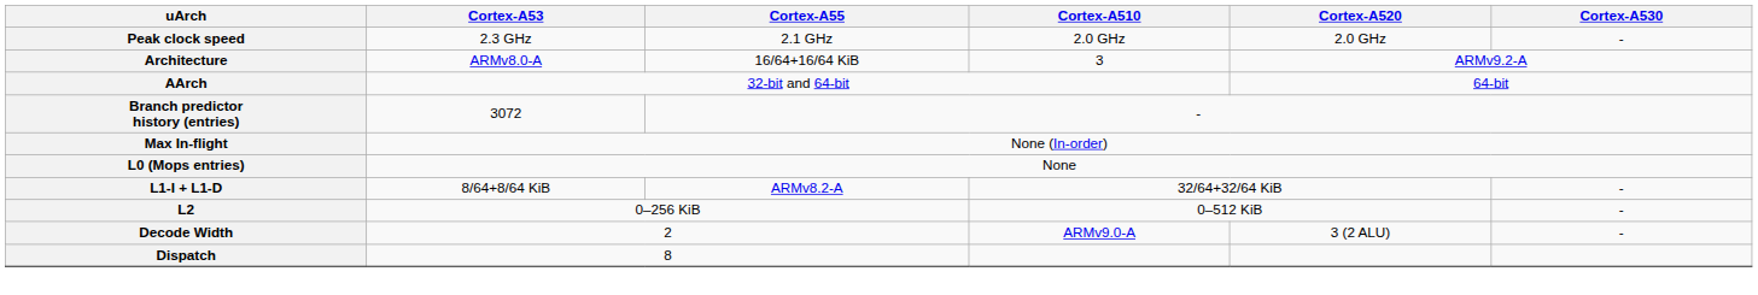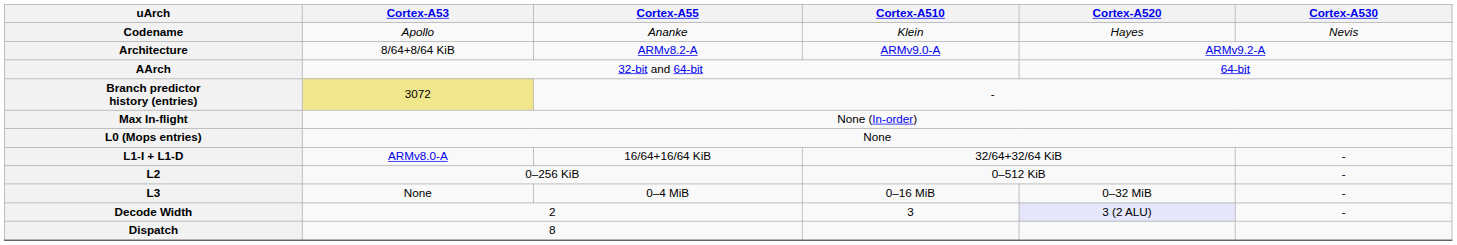 <table class="wikitable sortable" cellpadding="3px" style="border: 1px solid black; border-spacing: 0px; width: 100%; text-align:center;">
 <tr>
 <th>uArch</th>
 <th><a href='#'>Cortex-A53</a></th>
 <th><a href='#'>Cortex-A55</a></th>
 <th><a href='#'>Cortex-A510</a></th>
 <th><a href='#'>Cortex-A520</a></th>
 <th><a href='#'>Cortex-A530</a></th>
 </tr>
 <tr>
-<th>Peak clock speed</th>
-<td>2.3 GHz</td>
-<td>2.1 GHz</td>
-<td>2.0 GHz</td>
-<td>2.0 GHz</td>
-<td>-</td>
+<th>Codename</th>
+<td><em>Apollo</em></td>
+<td><em>Ananke</em></td>
+<td><em>Klein</em></td>
+<td><em>Hayes</em></td>
+<td><em>Nevis</em></td>
 </tr>
 <tr>
 <th>Architecture</th>
-<td><a href='#'>ARMv8.0-A</a></td>
-<td>16/64+16/64 KiB</td>
-<td>3</td>
+<td>8/64+8/64 KiB</td>
+<td><a href='#'>ARMv8.2-A</a></td>
+<td><a href='#'>ARMv9.0-A</a></td>
 <td colspan="2"><a href='#'>ARMv9.2-A</a></td>
 </tr>
 <tr>
 <th><strong>AArch</strong></th>
 <td colspan="3"><a href='#'>32-bit</a> and <a href='#'>64-bit</a></td>
 <td colspan="2"><a href='#'>64-bit</a></td>
 </tr>
 <tr>
 <th>Branch predictor <br>history (entries)</th>
-<td>3072</td>
+<td style="background: khaki;">3072</td>
 <td colspan="4">-</td>
 </tr>
 <tr>
 <th>Max In-flight</th>
 <td colspan="5">None (<a href='#'>In-order</a>)</td>
 </tr>
 <tr>
 <th>L0 (Mops entries)</th>
 <td colspan="5">None</td>
 </tr>
 <tr>
 <th><strong>L1-I + L1-D</strong></th>
-<td>8/64+8/64 KiB</td>
-<td><a href='#'>ARMv8.2-A</a></td>
+<td><a href='#'>ARMv8.0-A</a></td>
+<td>16/64+16/64 KiB</td>
 <td colspan="2">32/64+32/64 KiB</td>
 <td>-</td>
 </tr>
 <tr>
 <th>L2</th>
 <td colspan="2">0–256 KiB</td>
 <td colspan="2">0–512 KiB</td>
 <td>-</td>
 </tr>
 <tr>
+<th>L3</th>
+<td>None</td>
+<td>0–4 MiB</td>
+<td>0–16 MiB</td>
+<td>0–32 MiB</td>
+<td>-</td>
+</tr>
+<tr>
 <th>Decode Width</th>
 <td colspan="2">2</td>
-<td><a href='#'>ARMv9.0-A</a></td>
-<td>3 (2 ALU)</td>
+<td>3</td>
+<td style="background: lavender;">3 (2 ALU)</td>
 <td>-</td>
 </tr>
 <tr>
 <th>Dispatch</th>
 <td colspan="2">8</td>
 <td></td>
 <td></td>
 <td></td>
 </tr>
 <tr>
 </tr>
 </table>
